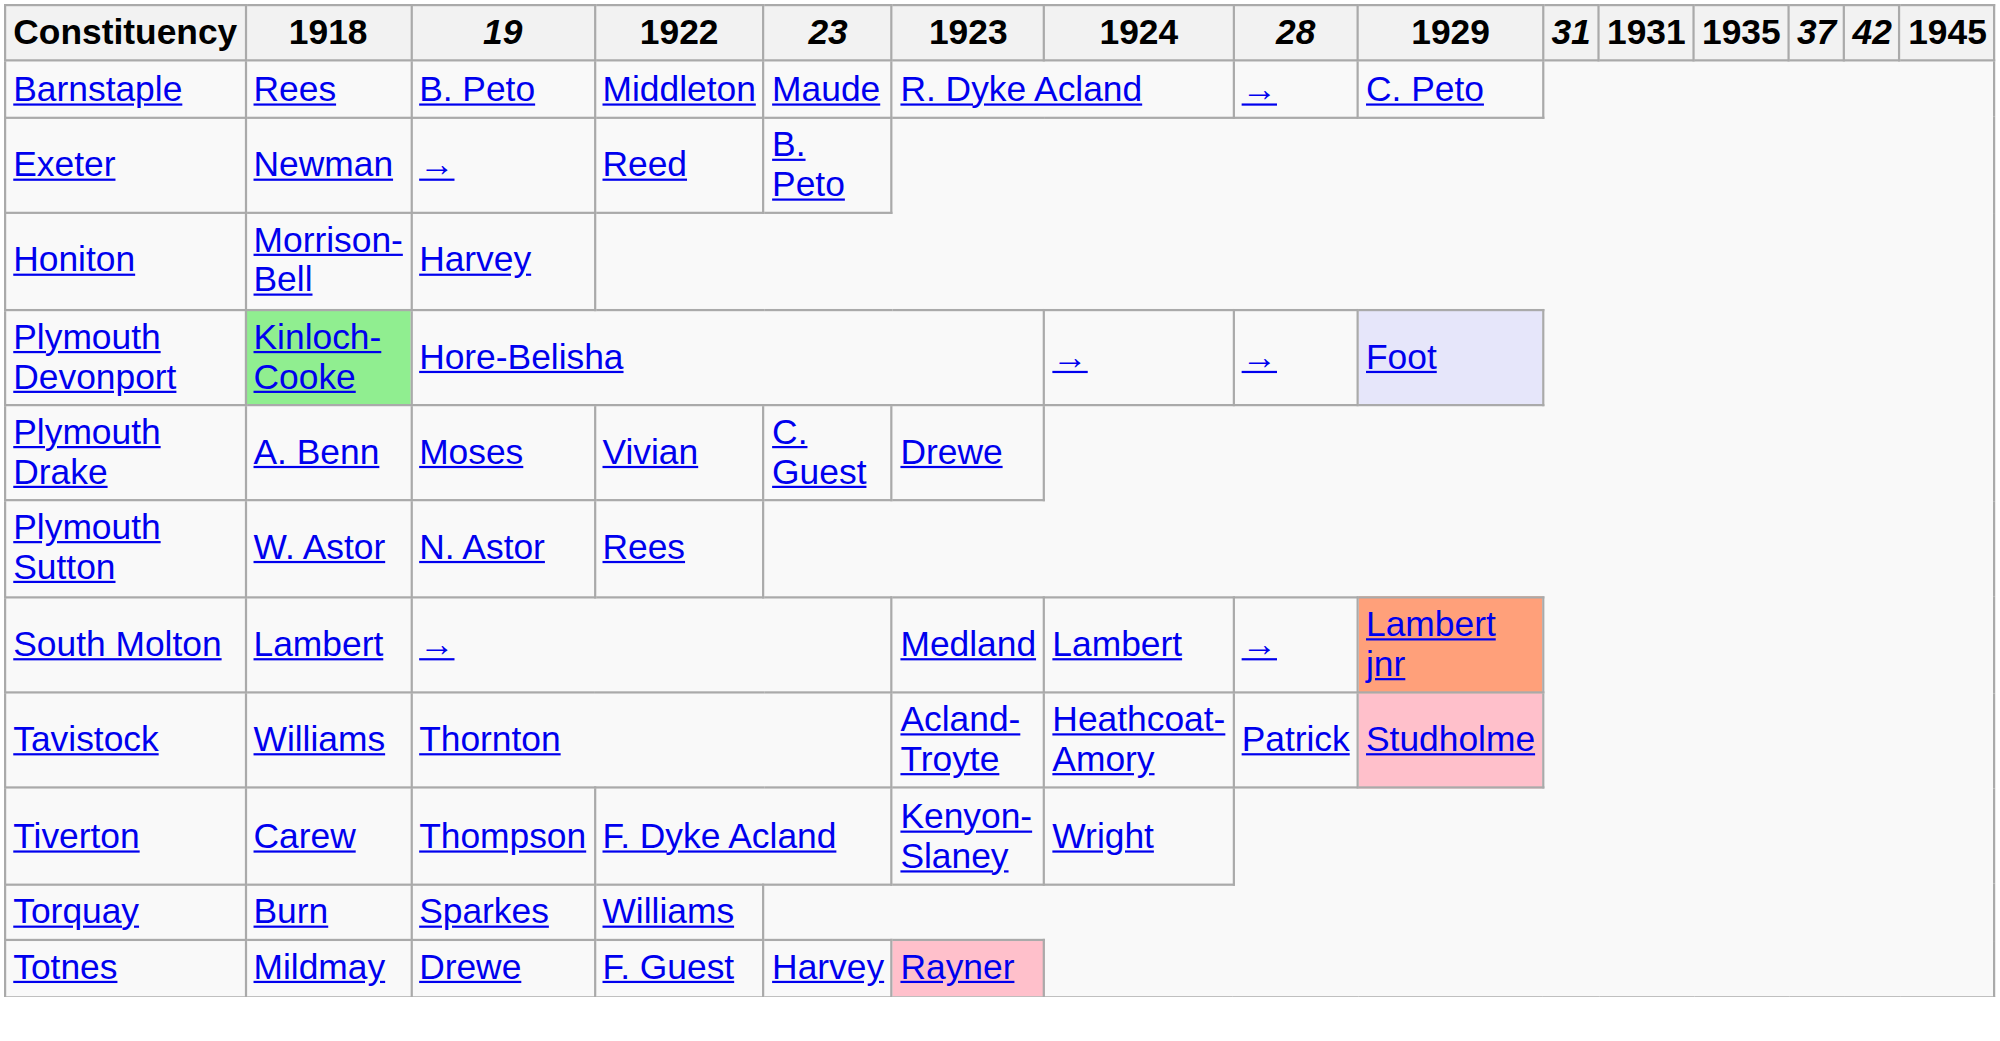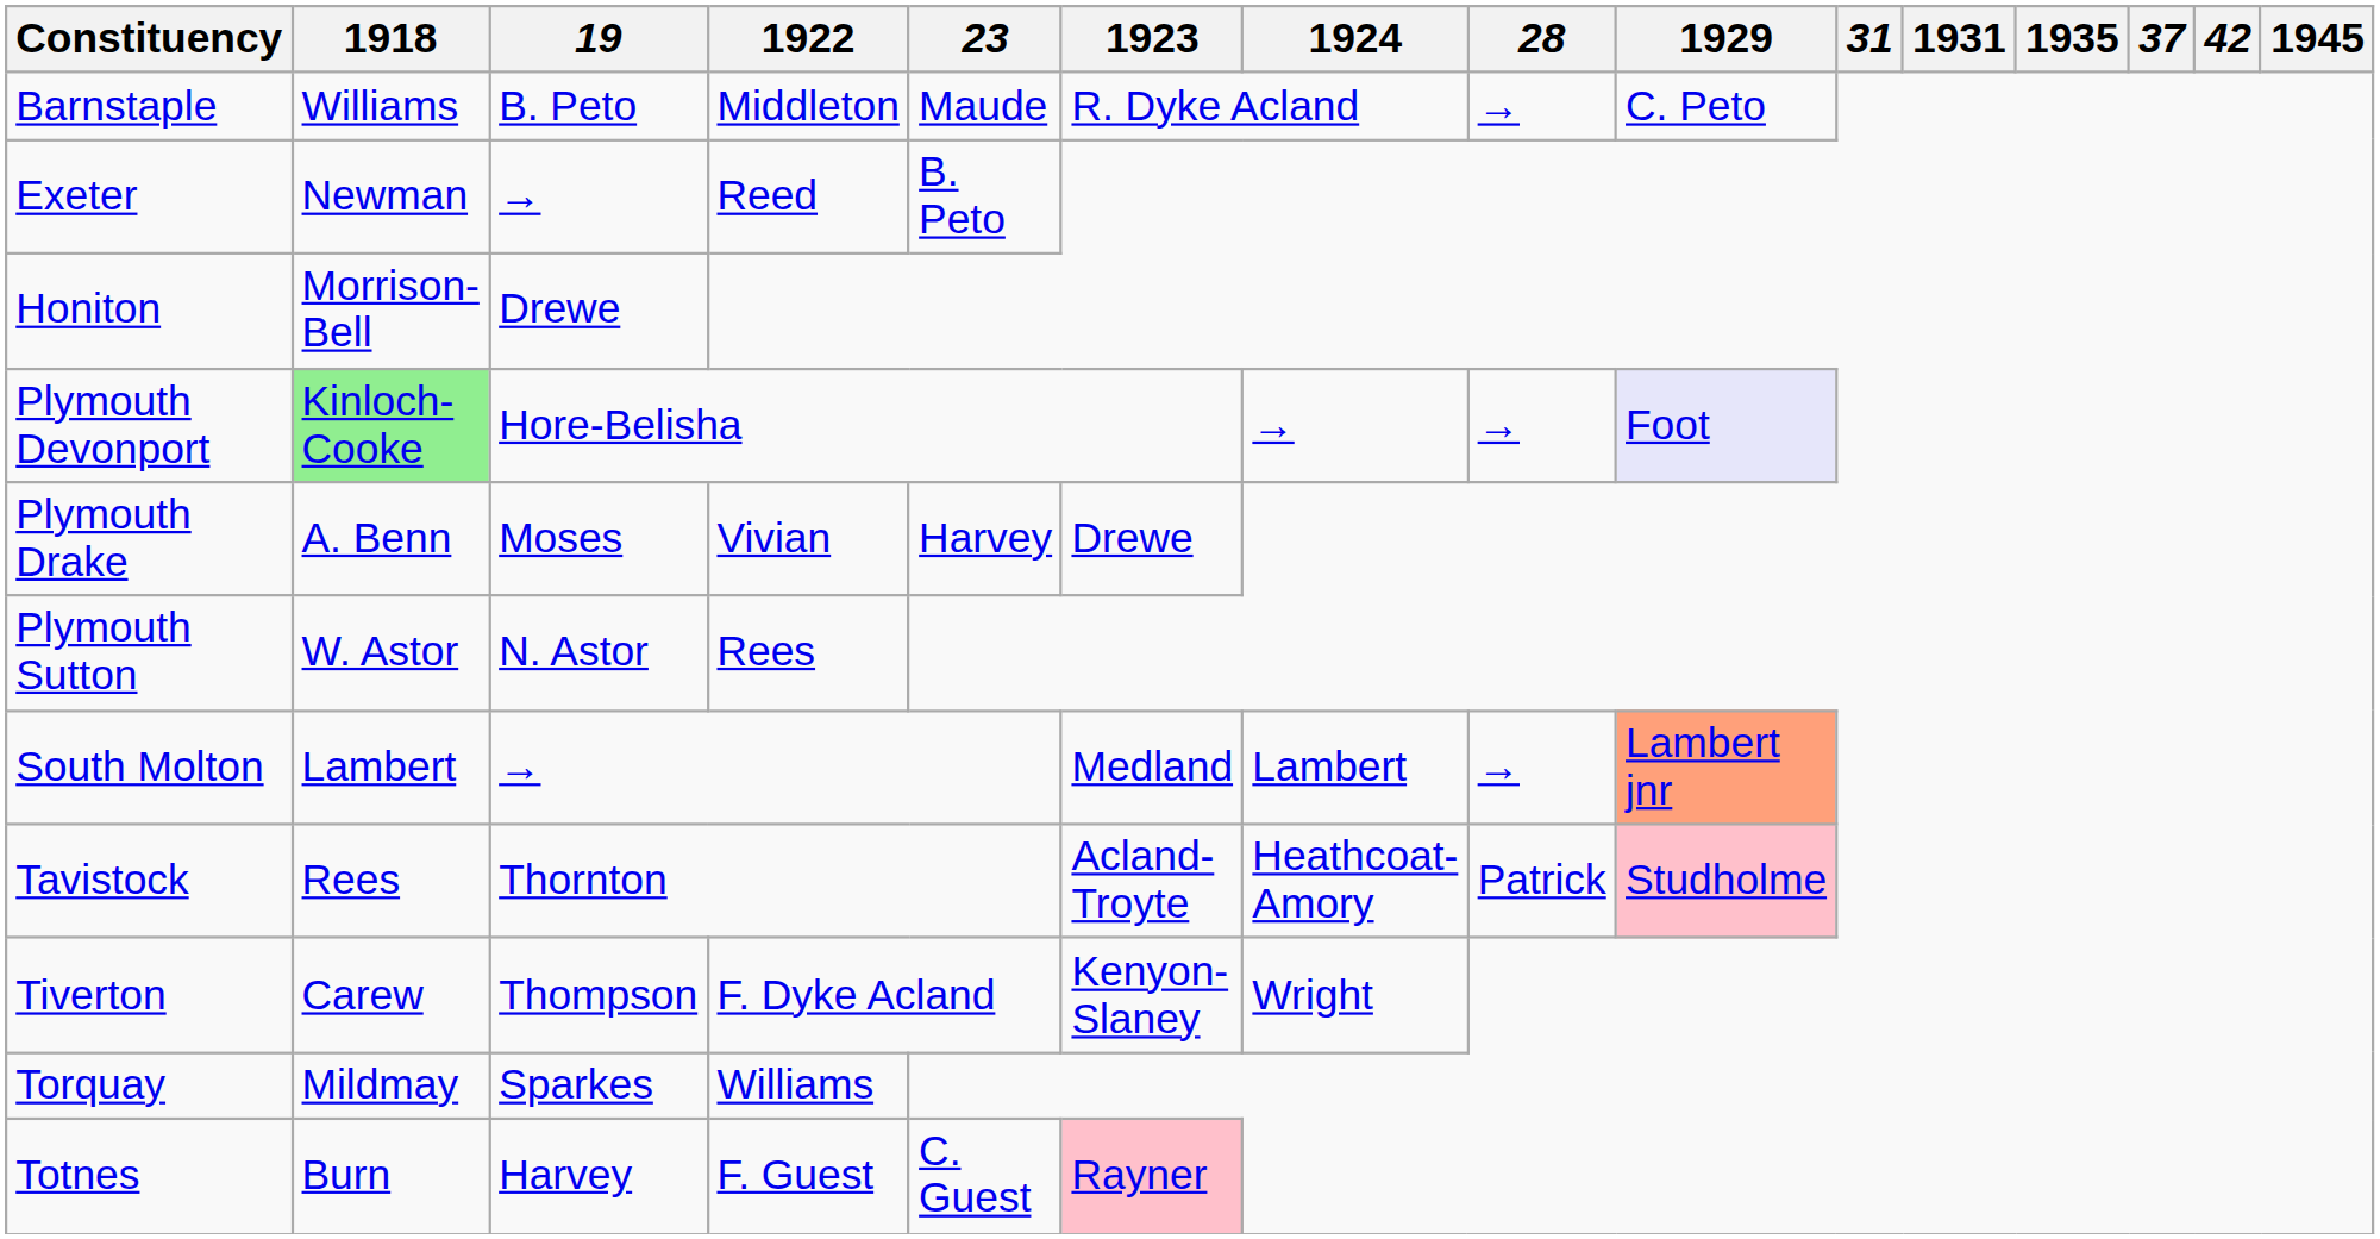 <table class="wikitable">
 <tr>
 <th>Constituency</th>
 <th>1918</th>
 <th><em>19</em></th>
 <th>1922</th>
 <th><em>23</em></th>
 <th>1923</th>
 <th>1924</th>
 <th><em>28</em></th>
 <th>1929</th>
 <th><em>31</em></th>
 <th>1931</th>
 <th>1935</th>
 <th><em>37</em></th>
 <th><em>42</em></th>
 <th>1945</th>
 </tr>
 <tr>
 <td><a href='#'>Barnstaple</a></td>
-<td><a href='#'>Rees</a></td>
+<td><a href='#'>Williams</a></td>
 <td><a href='#'>B. Peto</a></td>
 <td><a href='#'>Middleton</a></td>
 <td><a href='#'>Maude</a></td>
 <td colspan="2"><a href='#'>R. Dyke Acland</a></td>
 <td><a href='#'>→</a></td>
 <td><a href='#'>C. Peto</a></td>
 </tr>
 <tr>
 <td><a href='#'>Exeter</a></td>
 <td><a href='#'>Newman</a></td>
 <td><a href='#'>→</a></td>
 <td><a href='#'>Reed</a></td>
 <td><a href='#'>B. Peto</a></td>
 </tr>
 <tr>
 <td><a href='#'>Honiton</a></td>
 <td><a href='#'>Morrison-Bell</a></td>
-<td><a href='#'>Harvey</a></td>
+<td><a href='#'>Drewe</a></td>
 </tr>
 <tr>
 <td><a href='#'>Plymouth Devonport</a></td>
 <td style="background: lightgreen;"><a href='#'>Kinloch-Cooke</a></td>
 <td colspan="4"><a href='#'>Hore-Belisha</a></td>
 <td><a href='#'>→</a></td>
 <td><a href='#'>→</a></td>
 <td style="background: lavender;"><a href='#'>Foot</a></td>
 </tr>
 <tr>
 <td><a href='#'>Plymouth Drake</a></td>
 <td><a href='#'>A. Benn</a></td>
 <td><a href='#'>Moses</a></td>
 <td><a href='#'>Vivian</a></td>
-<td><a href='#'>C. Guest</a></td>
+<td><a href='#'>Harvey</a></td>
 <td><a href='#'>Drewe</a></td>
 </tr>
 <tr>
 <td><a href='#'>Plymouth Sutton</a></td>
 <td><a href='#'>W. Astor</a></td>
 <td><a href='#'>N. Astor</a></td>
 <td><a href='#'>Rees</a></td>
 </tr>
 <tr>
 <td><a href='#'>South Molton</a></td>
 <td><a href='#'>Lambert</a></td>
 <td colspan="3"><a href='#'>→</a></td>
 <td><a href='#'>Medland</a></td>
 <td><a href='#'>Lambert</a></td>
 <td><a href='#'>→</a></td>
 <td style="background: lightsalmon;"><a href='#'>Lambert jnr</a></td>
 </tr>
 <tr>
 <td><a href='#'>Tavistock</a></td>
-<td><a href='#'>Williams</a></td>
+<td><a href='#'>Rees</a></td>
 <td colspan="3"><a href='#'>Thornton</a></td>
 <td><a href='#'>Acland-Troyte</a></td>
 <td><a href='#'>Heathcoat-Amory</a></td>
 <td><a href='#'>Patrick</a></td>
 <td style="background: pink;"><a href='#'>Studholme</a></td>
 </tr>
 <tr>
 <td><a href='#'>Tiverton</a></td>
 <td><a href='#'>Carew</a></td>
 <td><a href='#'>Thompson</a></td>
 <td colspan="2"><a href='#'>F. Dyke Acland</a></td>
 <td><a href='#'>Kenyon-Slaney</a></td>
 <td><a href='#'>Wright</a></td>
 </tr>
 <tr>
 <td><a href='#'>Torquay</a></td>
-<td><a href='#'>Burn</a></td>
+<td><a href='#'>Mildmay</a></td>
 <td><a href='#'>Sparkes</a></td>
 <td><a href='#'>Williams</a></td>
 </tr>
 <tr>
 <td><a href='#'>Totnes</a></td>
-<td><a href='#'>Mildmay</a></td>
-<td><a href='#'>Drewe</a></td>
+<td><a href='#'>Burn</a></td>
+<td><a href='#'>Harvey</a></td>
 <td><a href='#'>F. Guest</a></td>
-<td><a href='#'>Harvey</a></td>
+<td><a href='#'>C. Guest</a></td>
 <td style="background: pink;"><a href='#'>Rayner</a></td>
 </tr>
 </table>
